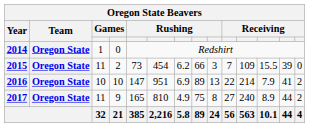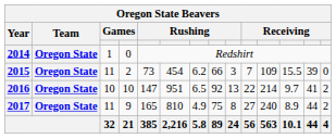 <table class="wikitable" style="text-align:center;">
 <tr>
 <th colspan="15">Oregon State Beavers</th>
 </tr>
 <tr>
 <th rowspan="2">Year</th>
 <th rowspan="2">Team</th>
 <th colspan="2">Games</th>
 <th colspan="5">Rushing</th>
 <th colspan="5">Receiving</th>
 </tr>
 <tr>
 <th></th>
 <th></th>
 <th></th>
 <th></th>
 <th></th>
 <th></th>
 <th></th>
 <th></th>
 <th></th>
 <th></th>
 <th></th>
 <th></th>
 </tr>
 <tr>
 <th><a href='#'>2014</a></th>
 <th><a href='#'>Oregon State</a></th>
 <td>1</td>
 <td>0</td>
 <td colspan="13"><em>Redshirt </em></td>
 </tr>
 <tr>
 <th><a href='#'>2015</a></th>
 <th><a href='#'>Oregon State</a></th>
 <td>11</td>
 <td>2</td>
 <td>73</td>
 <td>454</td>
 <td>6.2</td>
 <td>66</td>
 <td>3</td>
 <td>7</td>
 <td>109</td>
 <td>15.5</td>
 <td>39</td>
 <td>0</td>
 </tr>
 <tr>
 <th><a href='#'>2016</a></th>
 <th><a href='#'>Oregon State</a></th>
 <td>10</td>
 <td>10</td>
 <td>147</td>
 <td>951</td>
-<td>6.9</td>
-<td>89</td>
+<td>6.5</td>
+<td>92</td>
 <td>13</td>
 <td>22</td>
 <td>214</td>
-<td>7.9</td>
+<td>9.7</td>
 <td>41</td>
 <td>2</td>
 </tr>
 <tr>
 <th><a href='#'>2017</a></th>
 <th><a href='#'>Oregon State</a></th>
 <td>11</td>
 <td>9</td>
 <td>165</td>
 <td>810</td>
 <td>4.9</td>
 <td>75</td>
 <td>8</td>
 <td>27</td>
 <td>240</td>
 <td>8.9</td>
 <td>44</td>
 <td>2</td>
 </tr>
 <tr>
 <th colspan="2"></th>
 <th>32</th>
 <th>21</th>
 <th>385</th>
 <th>2,216</th>
 <th>5.8</th>
 <th>89</th>
 <th>24</th>
 <th>56</th>
 <th>563</th>
 <th>10.1</th>
 <th>44</th>
 <th>4</th>
 </tr>
 </table>
